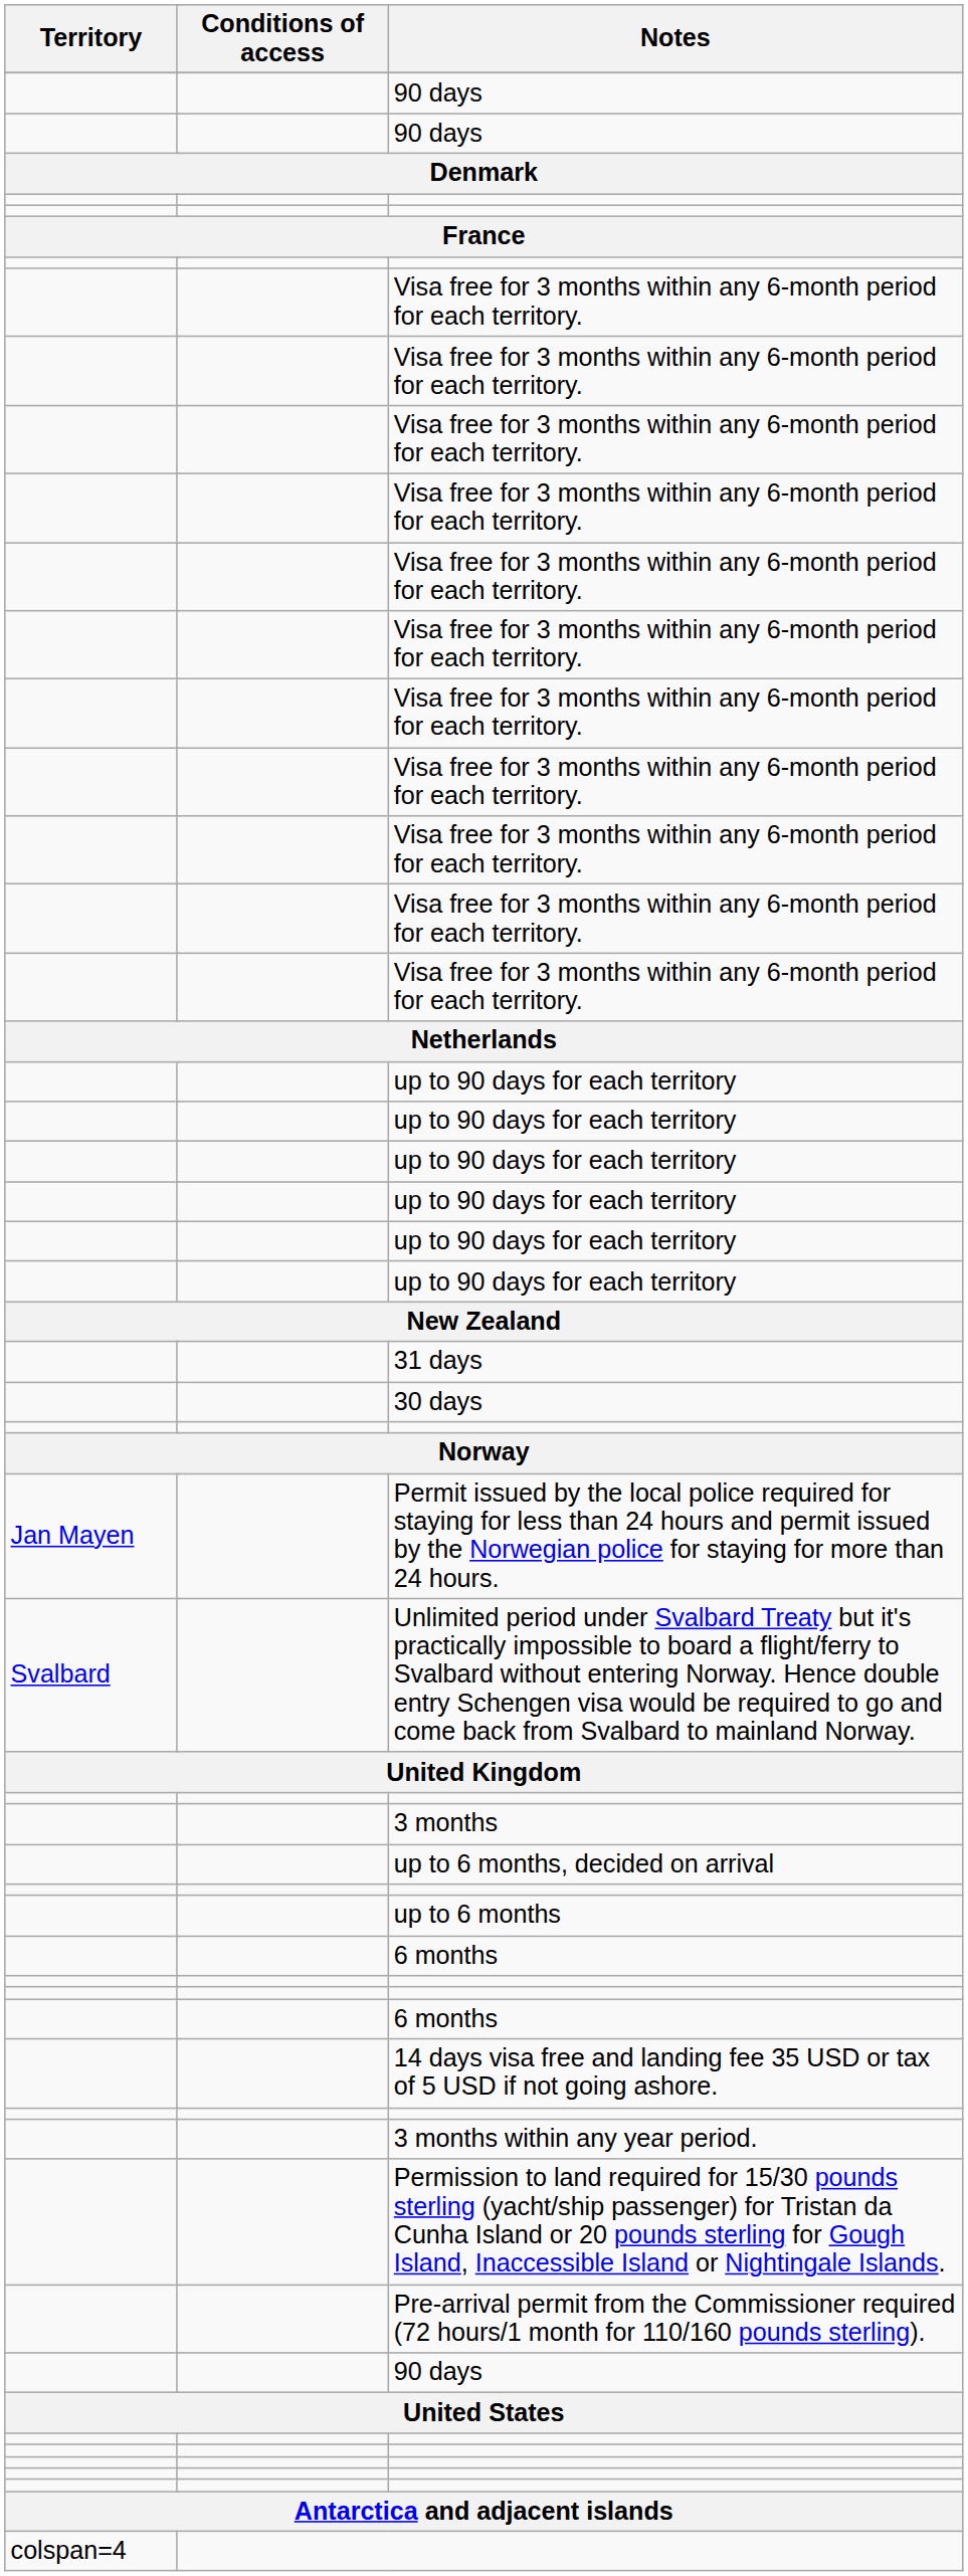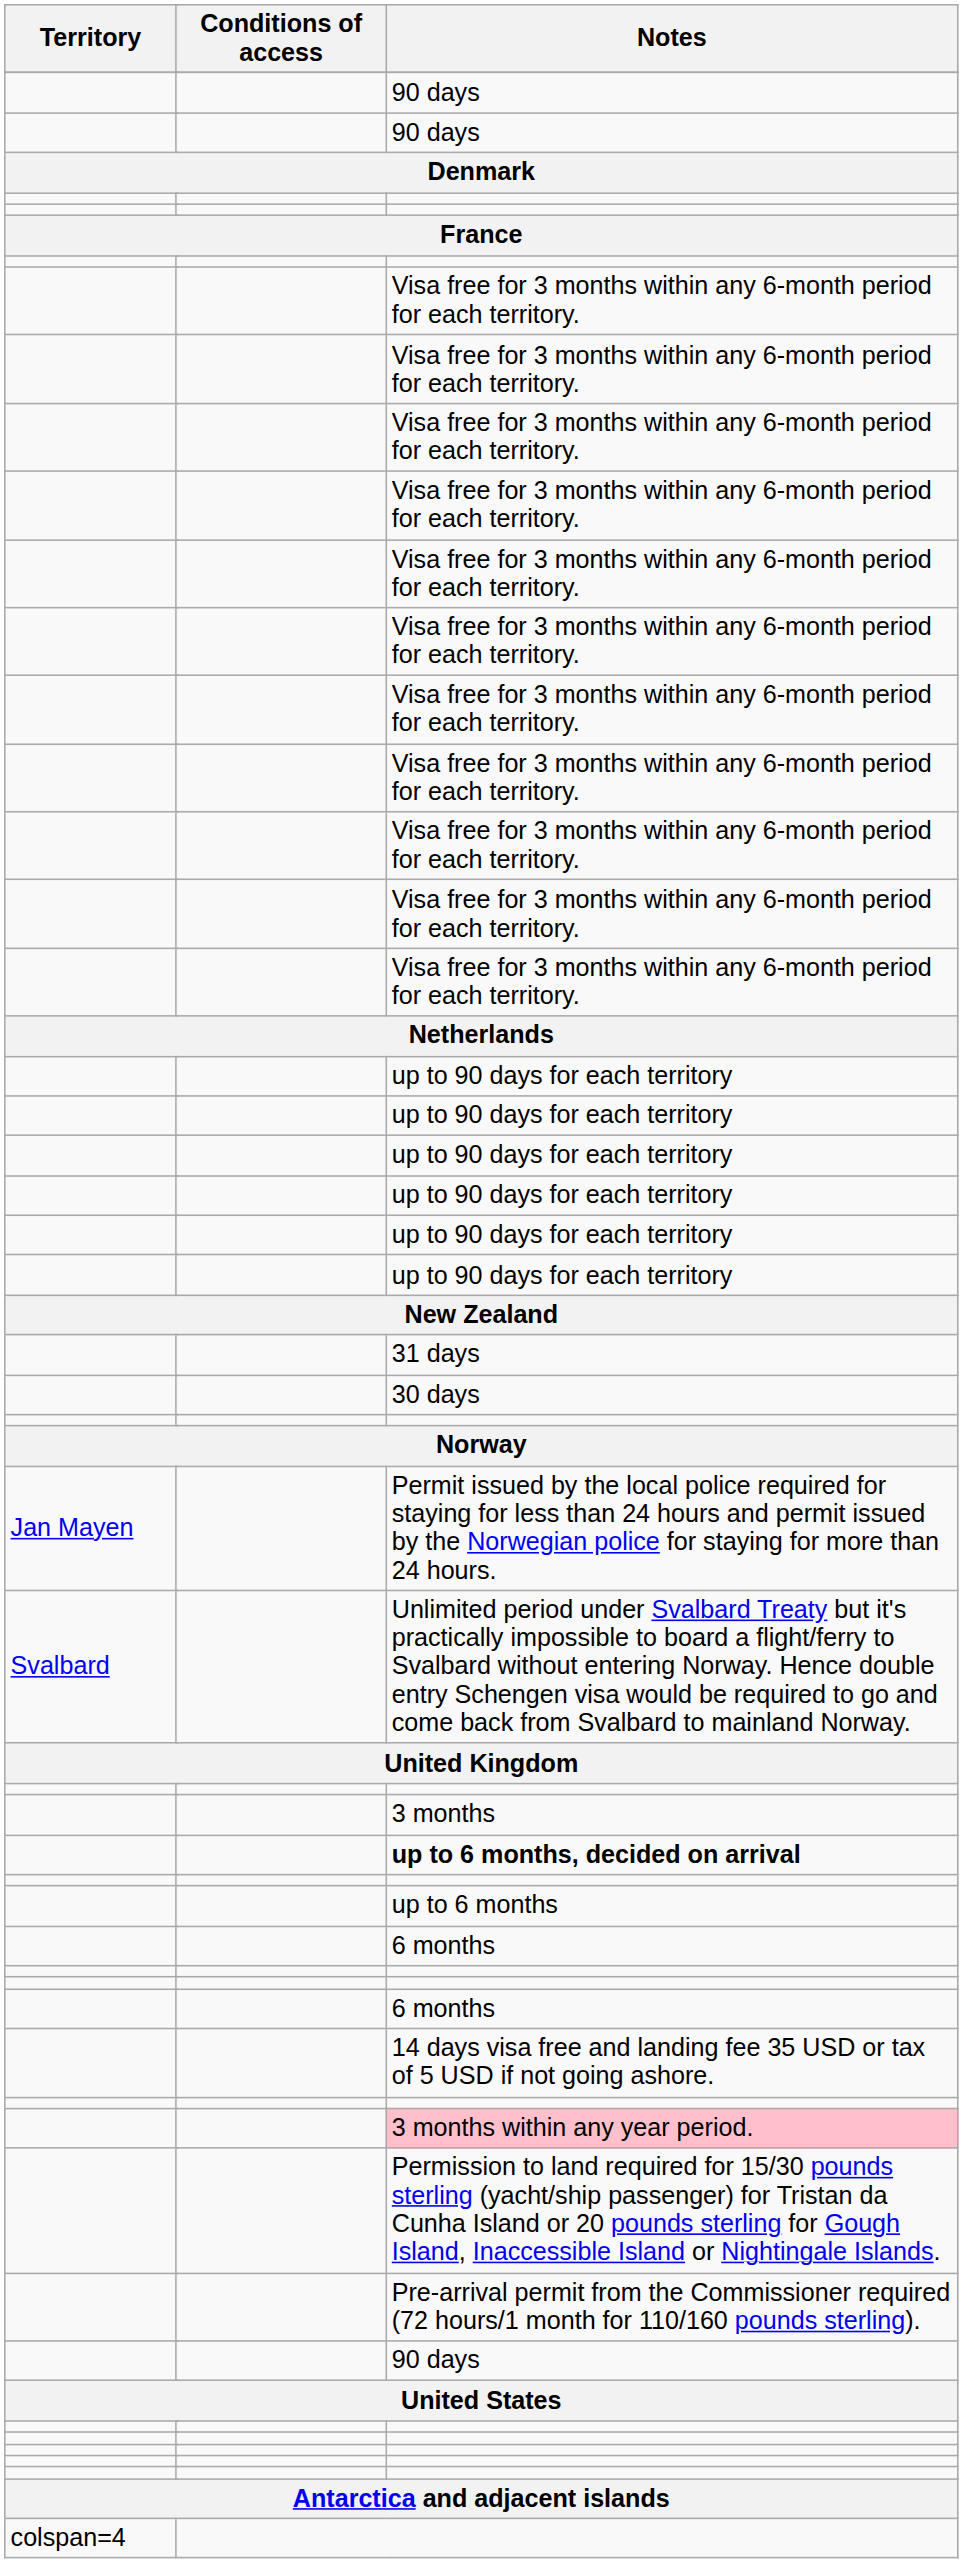 <table class="wikitable" style="text-align: left; table-layout: fixed;">
 <tr>
 <th colspan="2" style="width:18%;">Territory</th>
 <th style="width:22%;">Conditions of access</th>
 <th>Notes</th>
 </tr>
 <tr>
 </tr>
 <tr>
 <td colspan=2></td>
 <td></td>
 <td>90 days</td>
 </tr>
 <tr>
 <td colspan=2></td>
 <td></td>
 <td>90 days</td>
 </tr>
 <tr>
 <th colspan="4">Denmark</th>
 </tr>
 <tr>
 <td colspan=2></td>
 <td></td>
 <td></td>
 </tr>
 <tr>
 <td colspan=2></td>
 <td></td>
 <td></td>
 </tr>
 <tr>
 <th colspan="4">France</th>
 </tr>
 <tr>
 <td colspan=2></td>
 <td></td>
 <td></td>
 </tr>
 <tr>
 <td colspan=2></td>
 <td></td>
 <td>Visa free for 3 months within any 6-month period for each territory.</td>
 </tr>
 <tr>
 <td colspan=2></td>
 <td></td>
 <td>Visa free for 3 months within any 6-month period for each territory.</td>
 </tr>
 <tr>
 <td colspan=2></td>
 <td></td>
 <td>Visa free for 3 months within any 6-month period for each territory.</td>
 </tr>
 <tr>
 <td colspan=2></td>
 <td></td>
 <td>Visa free for 3 months within any 6-month period for each territory.</td>
 </tr>
 <tr>
 <td colspan=2></td>
 <td></td>
 <td>Visa free for 3 months within any 6-month period for each territory.</td>
 </tr>
 <tr>
 <td colspan=2></td>
 <td></td>
 <td>Visa free for 3 months within any 6-month period for each territory.</td>
 </tr>
 <tr>
 <td colspan=2></td>
 <td></td>
 <td>Visa free for 3 months within any 6-month period for each territory.</td>
 </tr>
 <tr>
 <td colspan=2></td>
 <td></td>
 <td>Visa free for 3 months within any 6-month period for each territory.</td>
 </tr>
 <tr>
 <td colspan=2></td>
 <td></td>
 <td>Visa free for 3 months within any 6-month period for each territory.</td>
 </tr>
 <tr>
 <td colspan=2></td>
 <td></td>
 <td>Visa free for 3 months within any 6-month period for each territory.</td>
 </tr>
 <tr>
 <td colspan=2></td>
 <td></td>
 <td>Visa free for 3 months within any 6-month period for each territory.</td>
 </tr>
 <tr>
 <th colspan="4">Netherlands</th>
 </tr>
 <tr>
 <td colspan=2></td>
 <td></td>
 <td>up to 90 days for each territory</td>
 </tr>
 <tr>
 <td colspan=2></td>
 <td></td>
 <td>up to 90 days for each territory</td>
 </tr>
 <tr>
 <td colspan=2></td>
 <td></td>
 <td>up to 90 days for each territory</td>
 </tr>
 <tr>
 <td colspan=2></td>
 <td></td>
 <td>up to 90 days for each territory</td>
 </tr>
 <tr>
 <td colspan=2></td>
 <td></td>
 <td>up to 90 days for each territory</td>
 </tr>
 <tr>
 <td colspan=2></td>
 <td></td>
 <td>up to 90 days for each territory</td>
 </tr>
 <tr>
 <th colspan="4">New Zealand</th>
 </tr>
 <tr>
 <td colspan=2></td>
 <td></td>
 <td>31 days</td>
 </tr>
 <tr>
 <td colspan=2></td>
 <td></td>
 <td>30 days</td>
 </tr>
 <tr>
 <td colspan=2></td>
 <td></td>
 <td></td>
 </tr>
 <tr>
 <th colspan="4">Norway</th>
 </tr>
 <tr>
 <td colspan=2> <a href='#'>Jan Mayen</a></td>
 <td></td>
 <td>Permit issued by the local police required for staying for less than 24 hours and permit issued by the <a href='#'>Norwegian police</a> for staying for more than 24 hours.</td>
 </tr>
 <tr>
 <td colspan=2> <a href='#'>Svalbard</a></td>
 <td></td>
 <td>Unlimited period under <a href='#'>Svalbard Treaty</a> but it's practically impossible to board a flight/ferry to Svalbard without entering Norway. Hence double entry Schengen visa would be required to go and come back from Svalbard to mainland Norway.</td>
 </tr>
 <tr>
 <th colspan="4">United Kingdom</th>
 </tr>
 <tr>
 <td colspan=2></td>
 <td></td>
 <td></td>
 </tr>
 <tr>
 <td colspan=2></td>
 <td></td>
 <td>3 months</td>
 </tr>
 <tr>
 <td colspan=2></td>
 <td></td>
-<td>up to 6 months, decided on arrival</td>
+<td><strong>up to 6 months, decided on arrival</strong></td>
 </tr>
 <tr>
 <td colspan=2></td>
 <td></td>
 <td></td>
 </tr>
 <tr>
 <td colspan=2></td>
 <td></td>
 <td>up to 6 months</td>
 </tr>
 <tr>
 <td colspan=2></td>
 <td></td>
 <td>6 months</td>
 </tr>
 <tr>
 <td colspan=2></td>
 <td></td>
 <td></td>
 </tr>
 <tr>
 <td colspan=2></td>
 <td></td>
 <td></td>
 </tr>
 <tr>
 <td colspan=2></td>
 <td></td>
 <td>6 months</td>
 </tr>
 <tr>
 <td colspan=2></td>
 <td></td>
 <td>14 days visa free and landing fee 35 USD or tax of 5 USD if not going ashore.</td>
 </tr>
 <tr>
 <td colspan=2></td>
 <td></td>
 <td></td>
 </tr>
 <tr>
 <td colspan=2></td>
 <td></td>
-<td>3 months within any year period.</td>
+<td style="background: pink;">3 months within any year period.</td>
 </tr>
 <tr>
 <td colspan=2></td>
 <td></td>
 <td>Permission to land required for 15/30 <a href='#'>pounds sterling</a> (yacht/ship passenger) for Tristan da Cunha Island or 20 <a href='#'>pounds sterling</a> for <a href='#'>Gough Island</a>, <a href='#'>Inaccessible Island</a> or <a href='#'>Nightingale Islands</a>.</td>
 </tr>
 <tr>
 <td colspan=2></td>
 <td></td>
 <td>Pre-arrival permit from the Commissioner required (72 hours/1 month for 110/160 <a href='#'>pounds sterling</a>).</td>
 </tr>
 <tr>
 <td colspan=2></td>
 <td></td>
 <td>90 days</td>
 </tr>
 <tr>
 <th colspan="4">United States</th>
 </tr>
 <tr>
 <td colspan=2></td>
 <td></td>
 <td></td>
 </tr>
 <tr>
 <td colspan=2></td>
 <td></td>
 <td></td>
 </tr>
 <tr>
 <td colspan=2></td>
 <td></td>
 <td></td>
 </tr>
 <tr>
 <td colspan=2></td>
 <td></td>
 <td></td>
 </tr>
 <tr>
 <td colspan=2></td>
 <td></td>
 <td></td>
 </tr>
 <tr>
 <th colspan=4><a href='#'>Antarctica</a> and adjacent islands</th>
 </tr>
 <tr>
 <td>colspan=4 </td>
 </tr>
 </table>
